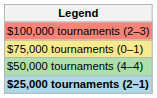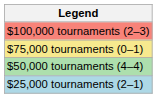 <table class="wikitable" style="font-size:85%">
 <tr>
 <th>Legend</th>
 </tr>
 <tr style="background:#f88379;">
 <td>$100,000 tournaments (2–3)</td>
 </tr>
 <tr style="background:#f7e98e;">
 <td>$75,000 tournaments (0–1)</td>
 </tr>
 <tr style="background:#addfad;">
 <td>$50,000 tournaments (4–4)</td>
 </tr>
 <tr style="background:lightblue;">
-<td><strong>$25,000 tournaments (2–1)</strong></td>
+<td>$25,000 tournaments (2–1)</td>
 </tr>
 </table>
